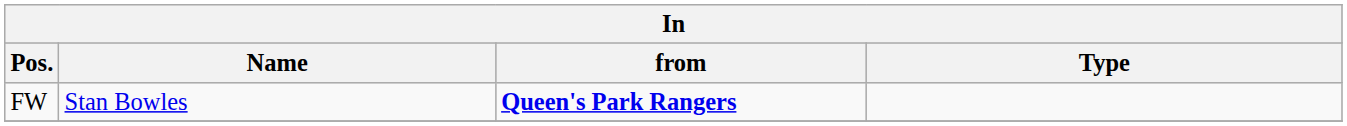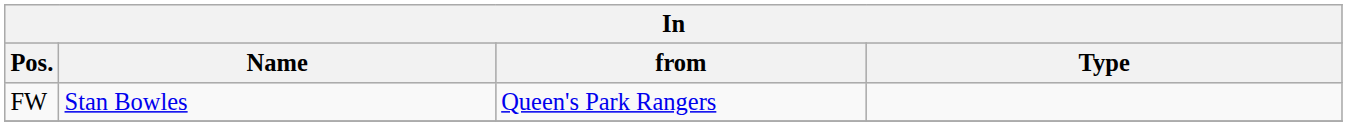 <table class="wikitable" style="font-size:100%;width:99%;">
 <tr>
 <th colspan="4">In</th>
 </tr>
 <tr>
 <th width=3%>Pos.</th>
 <th width=33%>Name</th>
 <th width=28%>from</th>
 <th width=36%>Type</th>
 </tr>
 <tr>
 <td>FW</td>
 <td><a href='#'>Stan Bowles</a></td>
-<td><strong><a href='#'>Queen's Park Rangers</a></strong></td>
+<td><a href='#'>Queen's Park Rangers</a></td>
 <td></td>
 </tr>
 <tr>
 </tr>
 </table>
